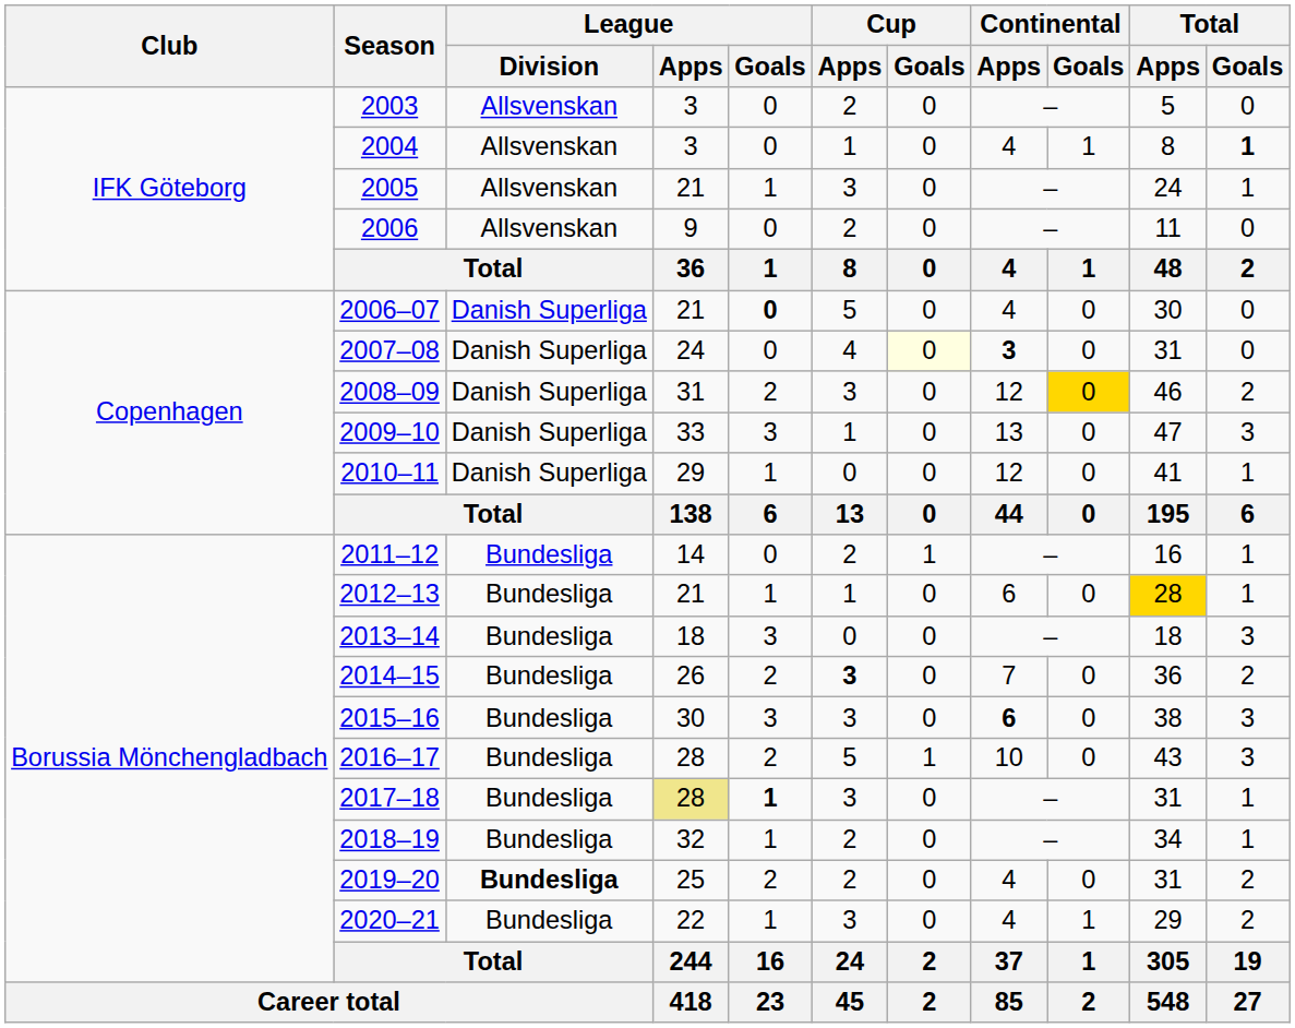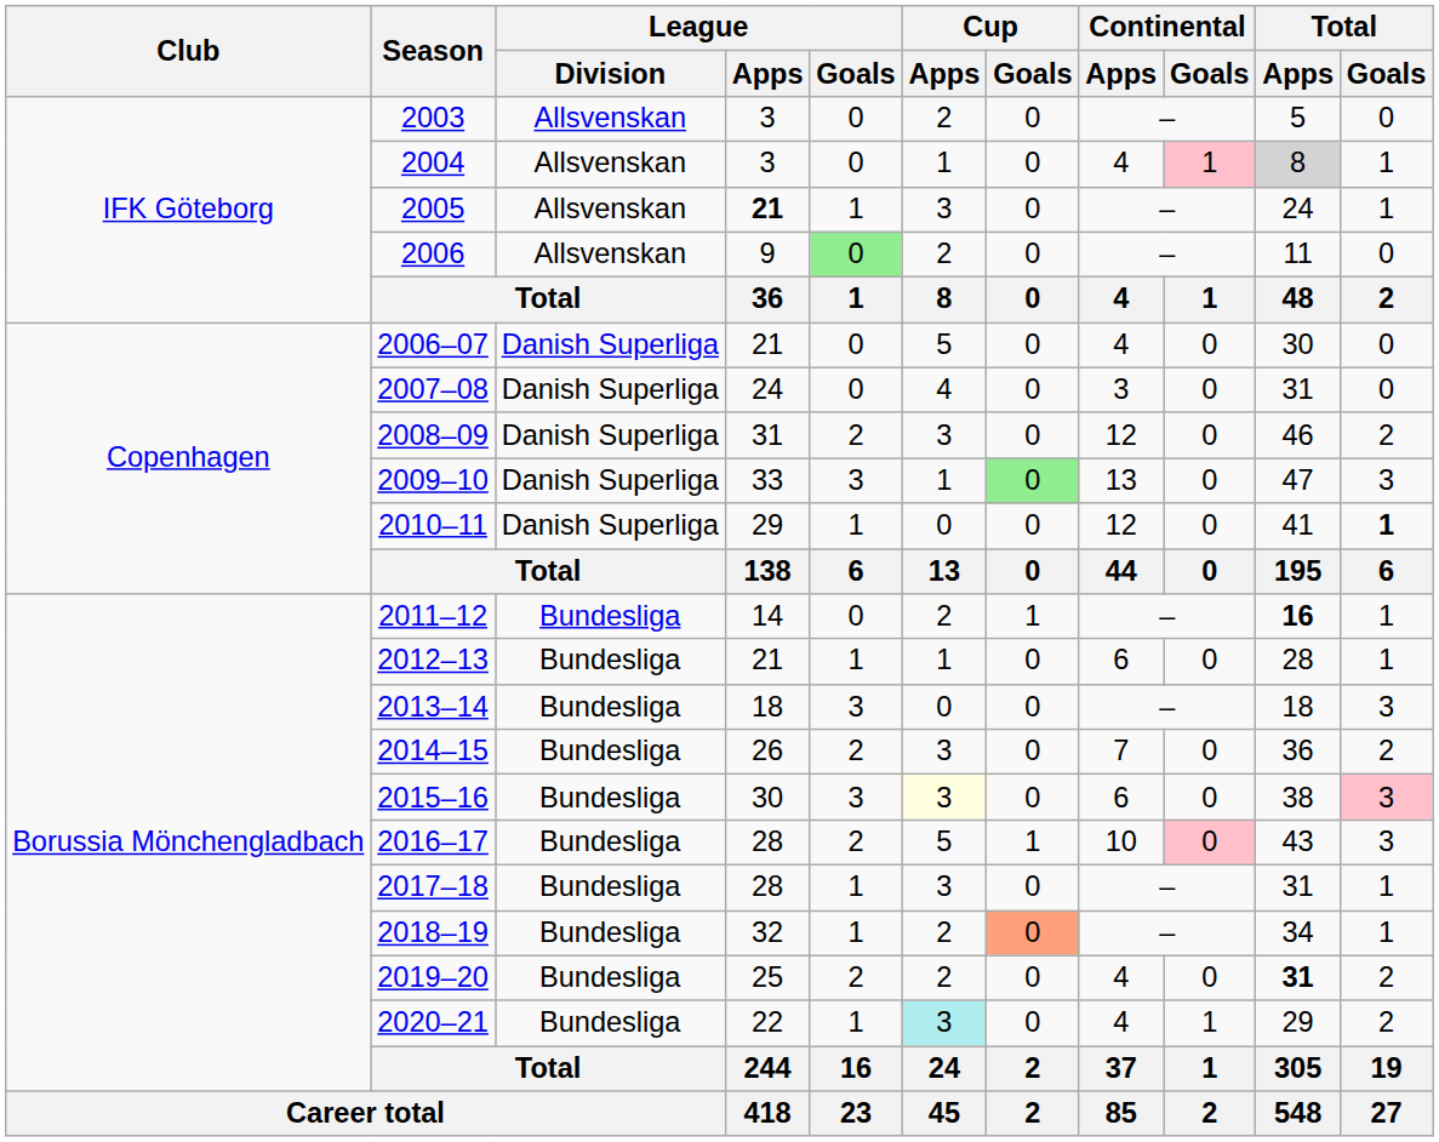 <table class="wikitable" style="text-align:center">
 <tr>
 <th rowspan="2">Club</th>
 <th rowspan="2">Season</th>
 <th colspan="3">League</th>
 <th colspan="2">Cup</th>
 <th colspan="2">Continental</th>
 <th colspan="2">Total</th>
 </tr>
 <tr>
 <th>Division</th>
 <th>Apps</th>
 <th>Goals</th>
 <th>Apps</th>
 <th>Goals</th>
 <th>Apps</th>
 <th>Goals</th>
 <th>Apps</th>
 <th>Goals</th>
 </tr>
 <tr>
 <td rowspan="5"><a href='#'>IFK Göteborg</a></td>
 <td><a href='#'>2003</a></td>
 <td><a href='#'>Allsvenskan</a></td>
 <td>3</td>
 <td>0</td>
 <td>2</td>
 <td>0</td>
 <td colspan="2">–</td>
 <td>5</td>
 <td>0</td>
 </tr>
 <tr>
 <td><a href='#'>2004</a></td>
 <td>Allsvenskan</td>
 <td>3</td>
 <td>0</td>
 <td>1</td>
 <td>0</td>
 <td>4</td>
+<td style="background: pink;">1</td>
+<td style="background: lightgrey;">8</td>
 <td>1</td>
-<td>8</td>
-<td><strong>1</strong></td>
 </tr>
 <tr>
 <td><a href='#'>2005</a></td>
 <td>Allsvenskan</td>
-<td>21</td>
+<td><strong>21</strong></td>
 <td>1</td>
 <td>3</td>
 <td>0</td>
 <td colspan="2">–</td>
 <td>24</td>
 <td>1</td>
 </tr>
 <tr>
 <td><a href='#'>2006</a></td>
 <td>Allsvenskan</td>
 <td>9</td>
-<td>0</td>
+<td style="background: lightgreen;">0</td>
 <td>2</td>
 <td>0</td>
 <td colspan="2">–</td>
 <td>11</td>
 <td>0</td>
 </tr>
 <tr>
 <th colspan="2">Total</th>
 <th>36</th>
 <th>1</th>
 <th>8</th>
 <th>0</th>
 <th>4</th>
 <th>1</th>
 <th>48</th>
 <th>2</th>
 </tr>
 <tr>
 <td rowspan="6"><a href='#'>Copenhagen</a></td>
 <td><a href='#'>2006–07</a></td>
 <td><a href='#'>Danish Superliga</a></td>
 <td>21</td>
-<td><strong>0</strong></td>
+<td>0</td>
 <td>5</td>
 <td>0</td>
 <td>4</td>
 <td>0</td>
 <td>30</td>
 <td>0</td>
 </tr>
 <tr>
 <td><a href='#'>2007–08</a></td>
 <td>Danish Superliga</td>
 <td>24</td>
 <td>0</td>
 <td>4</td>
-<td style="background: lightyellow;">0</td>
-<td><strong>3</strong></td>
+<td>0</td>
+<td>3</td>
 <td>0</td>
 <td>31</td>
 <td>0</td>
 </tr>
 <tr>
 <td><a href='#'>2008–09</a></td>
 <td>Danish Superliga</td>
 <td>31</td>
 <td>2</td>
 <td>3</td>
 <td>0</td>
 <td>12</td>
-<td style="background: gold;">0</td>
+<td>0</td>
 <td>46</td>
 <td>2</td>
 </tr>
 <tr>
 <td><a href='#'>2009–10</a></td>
 <td>Danish Superliga</td>
 <td>33</td>
 <td>3</td>
 <td>1</td>
-<td>0</td>
+<td style="background: lightgreen;">0</td>
 <td>13</td>
 <td>0</td>
 <td>47</td>
 <td>3</td>
 </tr>
 <tr>
 <td><a href='#'>2010–11</a></td>
 <td>Danish Superliga</td>
 <td>29</td>
 <td>1</td>
 <td>0</td>
 <td>0</td>
 <td>12</td>
 <td>0</td>
 <td>41</td>
-<td>1</td>
+<td><strong>1</strong></td>
 </tr>
 <tr>
 <th colspan="2">Total</th>
 <th>138</th>
 <th>6</th>
 <th>13</th>
 <th>0</th>
 <th>44</th>
 <th>0</th>
 <th>195</th>
 <th>6</th>
 </tr>
 <tr>
 <td rowspan="11"><a href='#'>Borussia Mönchengladbach</a></td>
 <td><a href='#'>2011–12</a></td>
 <td><a href='#'>Bundesliga</a></td>
 <td>14</td>
 <td>0</td>
 <td>2</td>
 <td>1</td>
 <td colspan="2">–</td>
-<td>16</td>
+<td><strong>16</strong></td>
 <td>1</td>
 </tr>
 <tr>
 <td><a href='#'>2012–13</a></td>
 <td>Bundesliga</td>
 <td>21</td>
 <td>1</td>
 <td>1</td>
 <td>0</td>
 <td>6</td>
 <td>0</td>
-<td style="background: gold;">28</td>
+<td>28</td>
 <td>1</td>
 </tr>
 <tr>
 <td><a href='#'>2013–14</a></td>
 <td>Bundesliga</td>
 <td>18</td>
 <td>3</td>
 <td>0</td>
 <td>0</td>
 <td colspan="2">–</td>
 <td>18</td>
 <td>3</td>
 </tr>
 <tr>
 <td><a href='#'>2014–15</a></td>
 <td>Bundesliga</td>
 <td>26</td>
 <td>2</td>
-<td><strong>3</strong></td>
+<td>3</td>
 <td>0</td>
 <td>7</td>
 <td>0</td>
 <td>36</td>
 <td>2</td>
 </tr>
 <tr>
 <td><a href='#'>2015–16</a></td>
 <td>Bundesliga</td>
 <td>30</td>
 <td>3</td>
-<td>3</td>
+<td style="background: lightyellow;">3</td>
 <td>0</td>
-<td><strong>6</strong></td>
+<td>6</td>
 <td>0</td>
 <td>38</td>
-<td>3</td>
+<td style="background: pink;">3</td>
 </tr>
 <tr>
 <td><a href='#'>2016–17</a></td>
 <td>Bundesliga</td>
 <td>28</td>
 <td>2</td>
 <td>5</td>
 <td>1</td>
 <td>10</td>
-<td>0</td>
+<td style="background: pink;">0</td>
 <td>43</td>
 <td>3</td>
 </tr>
 <tr>
 <td><a href='#'>2017–18</a></td>
 <td>Bundesliga</td>
-<td style="background: khaki;">28</td>
-<td><strong>1</strong></td>
+<td>28</td>
+<td>1</td>
 <td>3</td>
 <td>0</td>
 <td colspan="2">–</td>
 <td>31</td>
 <td>1</td>
 </tr>
 <tr>
 <td><a href='#'>2018–19</a></td>
 <td>Bundesliga</td>
 <td>32</td>
 <td>1</td>
 <td>2</td>
-<td>0</td>
+<td style="background: lightsalmon;">0</td>
 <td colspan="2">–</td>
 <td>34</td>
 <td>1</td>
 </tr>
 <tr>
 <td><a href='#'>2019–20</a></td>
-<td><strong>Bundesliga</strong></td>
+<td>Bundesliga</td>
 <td>25</td>
 <td>2</td>
 <td>2</td>
 <td>0</td>
 <td>4</td>
 <td>0</td>
-<td>31</td>
+<td><strong>31</strong></td>
 <td>2</td>
 </tr>
 <tr>
 <td><a href='#'>2020–21</a></td>
 <td>Bundesliga</td>
 <td>22</td>
 <td>1</td>
-<td>3</td>
+<td style="background: paleturquoise;">3</td>
 <td>0</td>
 <td>4</td>
 <td>1</td>
 <td>29</td>
 <td>2</td>
 </tr>
 <tr>
 <th colspan="2">Total</th>
 <th>244</th>
 <th>16</th>
 <th>24</th>
 <th>2</th>
 <th>37</th>
 <th>1</th>
 <th>305</th>
 <th>19</th>
 </tr>
 <tr>
 <th colspan="3">Career total</th>
 <th>418</th>
 <th>23</th>
 <th>45</th>
 <th>2</th>
 <th>85</th>
 <th>2</th>
 <th>548</th>
 <th>27</th>
 </tr>
 </table>
